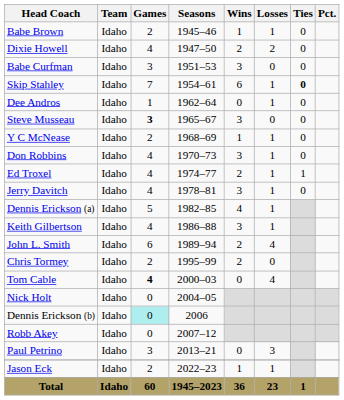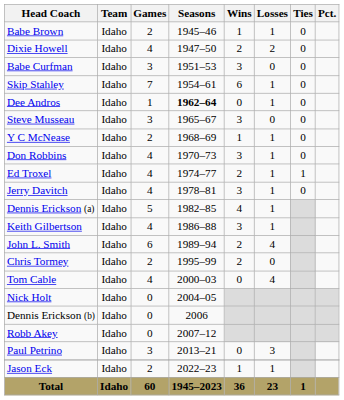 <table class="sortable wikitable" style="text-align:center">
 <tr>
 <th>Head Coach</th>
 <th>Team</th>
 <th>Games</th>
 <th>Seasons</th>
 <th>Wins</th>
 <th>Losses</th>
 <th>Ties</th>
 <th>Pct.</th>
 </tr>
 <tr>
 <td align=left><a href='#'>Babe Brown</a></td>
 <td>Idaho</td>
 <td>2</td>
 <td>1945–46</td>
 <td>1</td>
 <td>1</td>
 <td>0</td>
 <td></td>
 </tr>
 <tr>
 <td align=left><a href='#'>Dixie Howell</a></td>
 <td>Idaho</td>
 <td>4</td>
 <td>1947–50</td>
 <td>2</td>
 <td>2</td>
 <td>0</td>
 <td></td>
 </tr>
 <tr>
 <td align=left><a href='#'>Babe Curfman</a></td>
 <td>Idaho</td>
 <td>3</td>
 <td>1951–53</td>
 <td>3</td>
 <td>0</td>
 <td>0</td>
 <td> </td>
 </tr>
 <tr>
 <td align=left><a href='#'>Skip Stahley</a></td>
 <td>Idaho</td>
 <td>7</td>
 <td>1954–61</td>
 <td>6</td>
 <td>1</td>
-<td><strong>0</strong></td>
+<td>0</td>
 <td></td>
 </tr>
 <tr>
 <td align=left><a href='#'>Dee Andros</a></td>
 <td>Idaho</td>
 <td>1</td>
-<td>1962–64</td>
+<td><strong>1962–64</strong></td>
 <td>0</td>
 <td>1</td>
 <td>0</td>
 <td></td>
 </tr>
 <tr>
 <td align=left><a href='#'>Steve Musseau</a></td>
 <td>Idaho</td>
-<td><strong>3</strong></td>
+<td>3</td>
 <td>1965–67</td>
 <td>3</td>
 <td>0</td>
 <td>0</td>
 <td> </td>
 </tr>
 <tr>
 <td align=left><a href='#'>Y C McNease</a></td>
 <td>Idaho</td>
 <td>2</td>
 <td>1968–69</td>
 <td>1</td>
 <td>1</td>
 <td>0</td>
 <td></td>
 </tr>
 <tr>
 <td align=left><a href='#'>Don Robbins</a></td>
 <td>Idaho</td>
 <td>4</td>
 <td>1970–73</td>
 <td>3</td>
 <td>1</td>
 <td>0</td>
 <td></td>
 </tr>
 <tr>
 <td align=left><a href='#'>Ed Troxel</a></td>
 <td>Idaho</td>
 <td>4</td>
 <td>1974–77</td>
 <td>2</td>
 <td>1</td>
 <td>1</td>
 <td></td>
 </tr>
 <tr>
 <td align=left><a href='#'>Jerry Davitch</a></td>
 <td>Idaho</td>
 <td>4</td>
 <td>1978–81</td>
 <td>3</td>
 <td>1</td>
 <td>0</td>
 <td></td>
 </tr>
 <tr>
 <td align=left><a href='#'>Dennis Erickson</a> <small>(a)</small></td>
 <td>Idaho</td>
 <td>5</td>
 <td>1982–85</td>
 <td>4</td>
 <td>1</td>
 <td style="background:#DCDCDC;"> </td>
 <td></td>
 </tr>
 <tr>
 <td align=left><a href='#'>Keith Gilbertson</a></td>
 <td>Idaho</td>
 <td>4</td>
 <td>1986–88</td>
 <td>3</td>
 <td>1</td>
 <td style="background:#DCDCDC;"> </td>
 <td></td>
 </tr>
 <tr>
 <td align=left><a href='#'>John L. Smith</a></td>
 <td>Idaho</td>
 <td>6</td>
 <td>1989–94</td>
 <td>2</td>
 <td>4</td>
 <td style="background:#DCDCDC;"> </td>
 <td></td>
 </tr>
 <tr>
 <td align=left><a href='#'>Chris Tormey</a></td>
 <td>Idaho</td>
 <td>2</td>
 <td>1995–99</td>
 <td>2</td>
 <td>0</td>
 <td style="background:#DCDCDC;"> </td>
 <td> </td>
 </tr>
 <tr>
 <td align=left><a href='#'>Tom Cable</a></td>
 <td>Idaho</td>
-<td><strong>4</strong></td>
+<td>4</td>
 <td>2000–03</td>
 <td>0</td>
 <td>4</td>
 <td style="background:#DCDCDC;"> </td>
 <td></td>
 </tr>
 <tr>
 <td align=left><a href='#'>Nick Holt</a></td>
 <td>Idaho</td>
 <td>0</td>
 <td>2004–05</td>
 <td style="background:#DCDCDC;"> </td>
 <td style="background:#DCDCDC;"> </td>
 <td style="background:#DCDCDC;"> </td>
 <td style="background:#DCDCDC;"> </td>
 </tr>
 <tr>
 <td align=left>Dennis Erickson <small>(b)</small></td>
 <td>Idaho</td>
-<td style="background: paleturquoise;">0</td>
+<td>0</td>
 <td>2006</td>
 <td style="background:#DCDCDC;"> </td>
 <td style="background:#DCDCDC;"> </td>
 <td style="background:#DCDCDC;"> </td>
 <td style="background:#DCDCDC;"> </td>
 </tr>
 <tr>
 <td align=left><a href='#'>Robb Akey</a></td>
 <td>Idaho</td>
 <td>0</td>
 <td>2007–12</td>
 <td style="background:#DCDCDC;"> </td>
 <td style="background:#DCDCDC;"> </td>
 <td style="background:#DCDCDC;"> </td>
 <td style="background:#DCDCDC;"> </td>
 </tr>
 <tr>
 <td align=left><a href='#'>Paul Petrino</a></td>
 <td>Idaho</td>
 <td>3</td>
 <td>2013–21</td>
 <td>0</td>
 <td>3</td>
 <td style="background:#DCDCDC;"> </td>
 <td></td>
 </tr>
 <tr style="background:#B3A369;color:black;">
 </tr>
 <tr>
 <td align=left><a href='#'>Jason Eck</a></td>
 <td>Idaho</td>
 <td>2</td>
 <td>2022–23</td>
 <td>1</td>
 <td>1</td>
 <td style="background:#DCDCDC;"> </td>
 <td> </td>
 </tr>
 <tr style="background:#B3A369;color:black;">
 <td><strong>Total</strong></td>
 <td><strong>Idaho</strong></td>
 <td><strong>60</strong></td>
 <td><strong>1945–2023</strong></td>
 <td><strong>36</strong></td>
 <td><strong>23</strong></td>
 <td><strong>1</strong></td>
 <td><strong></strong></td>
 </tr>
 </table>
